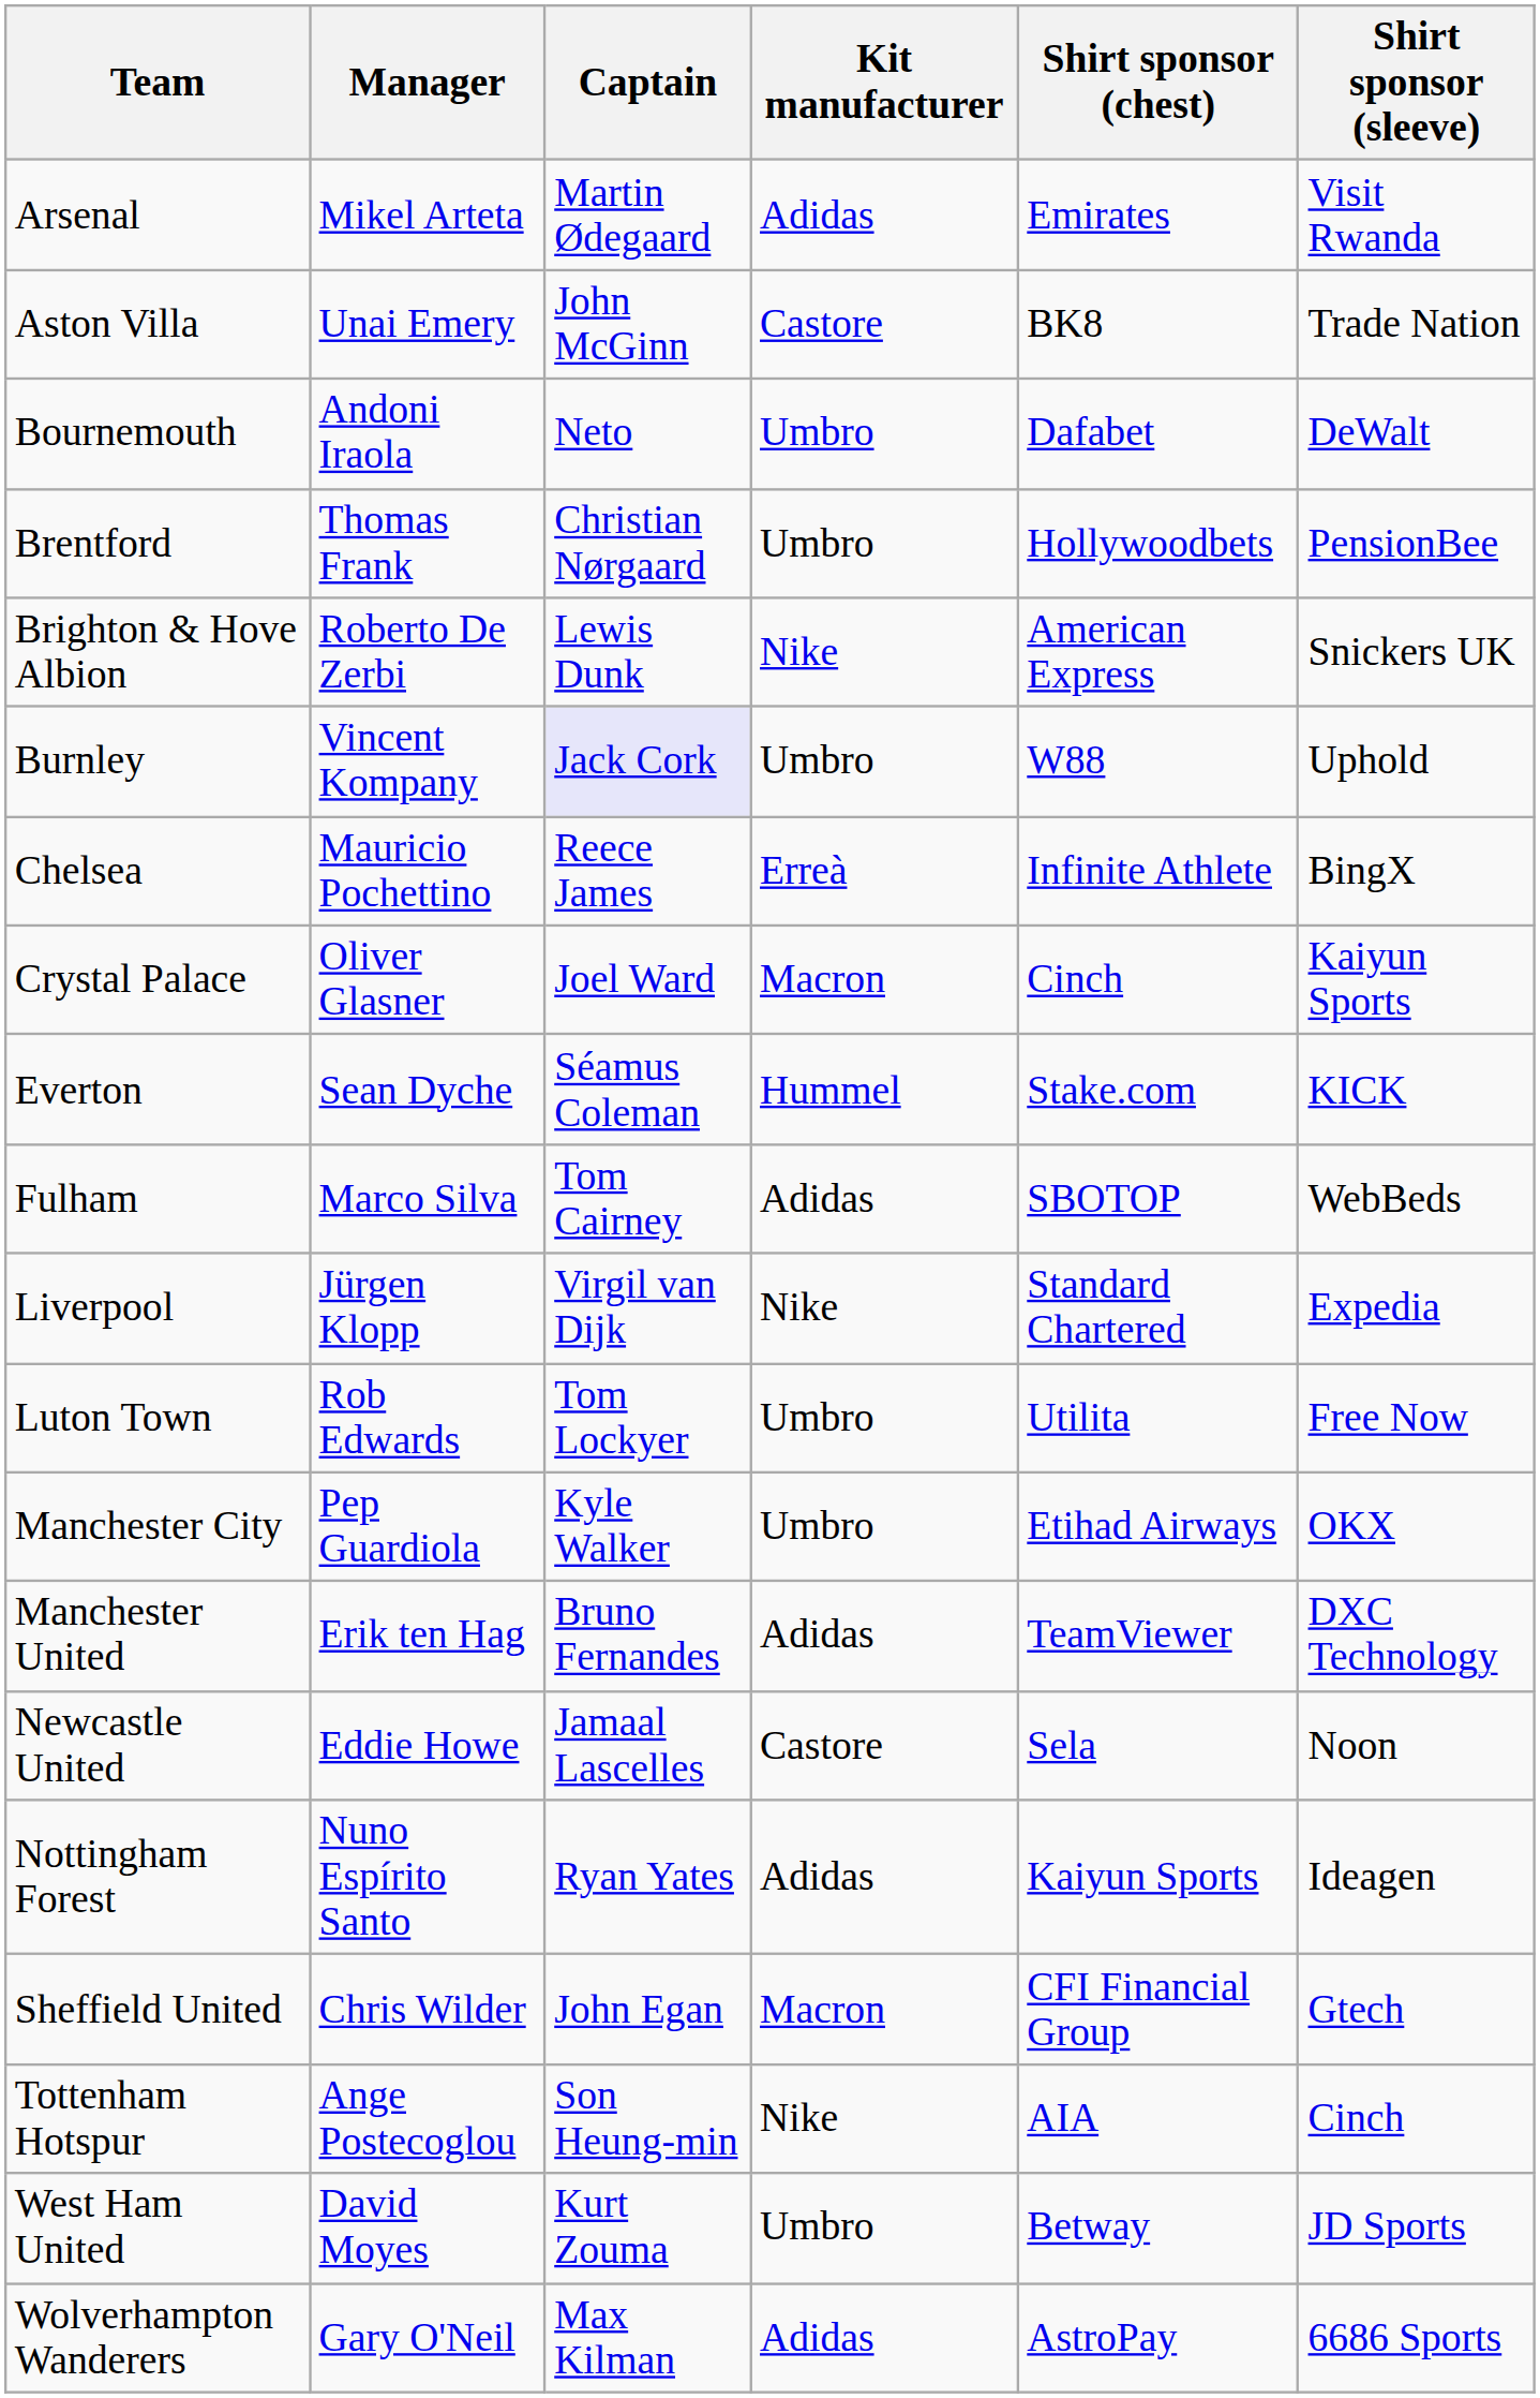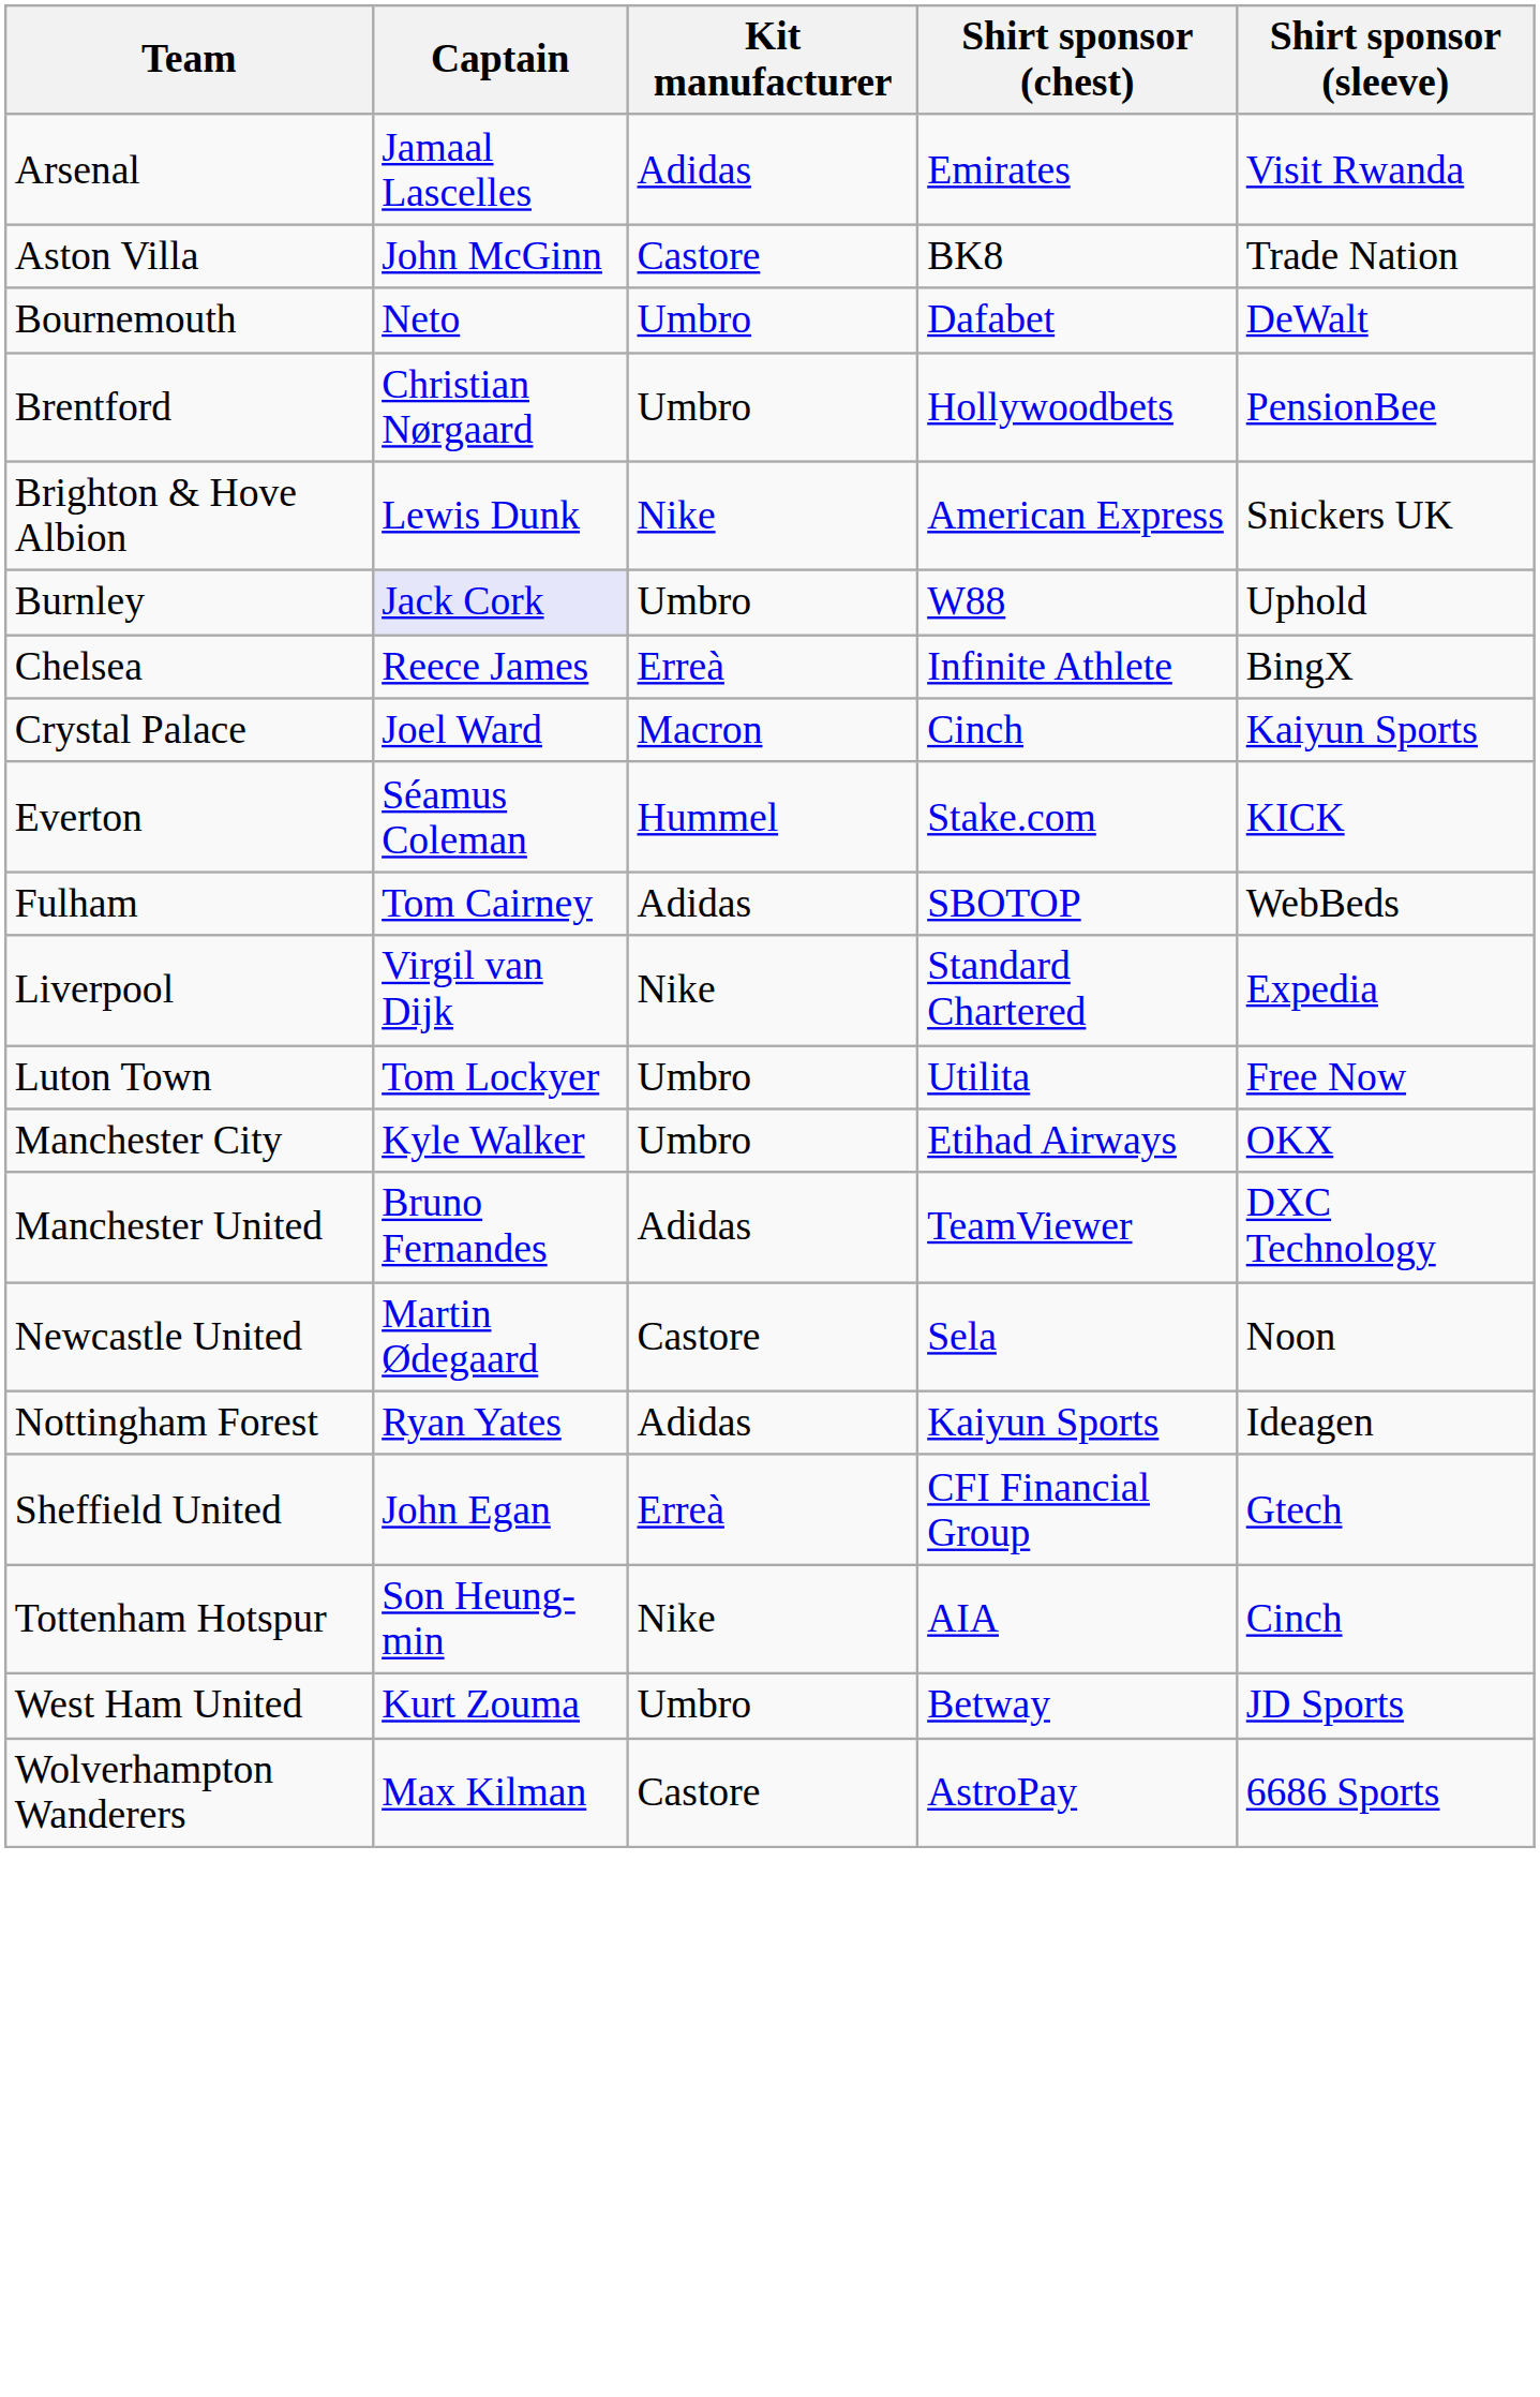 <table class="wikitable sortable">
 <tr>
 <th>Team</th>
-<th>Manager</th>
 <th>Captain</th>
 <th>Kit manufacturer</th>
 <th>Shirt sponsor (chest)</th>
 <th>Shirt sponsor (sleeve)</th>
 </tr>
 <tr>
 <td>Arsenal</td>
-<td data-sort-value="Arteta, Mikel"> <a href='#'>Mikel Arteta</a></td>
-<td data-sort-value="Odegaard, Martin"> <a href='#'>Martin Ødegaard</a></td>
+<td data-sort-value="Lascelles, Jamaal"> <a href='#'>Jamaal Lascelles</a></td>
 <td><a href='#'>Adidas</a></td>
 <td><a href='#'>Emirates</a></td>
 <td><a href='#'>Visit Rwanda</a></td>
 </tr>
 <tr>
 <td>Aston Villa</td>
-<td data-sort-value="Emery, Unai"> <a href='#'>Unai Emery</a></td>
 <td data-sort-value="McGinn, John"> <a href='#'>John McGinn</a></td>
 <td><a href='#'>Castore</a></td>
 <td>BK8</td>
 <td>Trade Nation</td>
 </tr>
 <tr>
 <td>Bournemouth</td>
-<td data-sort-value="Iraola, Andoni"> <a href='#'>Andoni Iraola</a></td>
 <td data-sort-value="Neto"> <a href='#'>Neto</a></td>
 <td><a href='#'>Umbro</a></td>
 <td><a href='#'>Dafabet</a></td>
 <td><a href='#'>DeWalt</a></td>
 </tr>
 <tr>
 <td>Brentford</td>
-<td data-sort-value="Frank, Thomas"> <a href='#'>Thomas Frank</a></td>
 <td data-sort-value="Norgaard, Christian"> <a href='#'>Christian Nørgaard</a></td>
 <td>Umbro</td>
 <td><a href='#'>Hollywoodbets</a></td>
 <td><a href='#'>PensionBee</a></td>
 </tr>
 <tr>
 <td>Brighton & Hove Albion</td>
-<td data-sort-value="De Zerbi, Roberto"> <a href='#'>Roberto De Zerbi</a></td>
 <td data-sort-value="Dunk, Lewis"> <a href='#'>Lewis Dunk</a></td>
 <td><a href='#'>Nike</a></td>
 <td><a href='#'>American Express</a></td>
 <td>Snickers UK</td>
 </tr>
 <tr>
 <td>Burnley</td>
-<td data-sort-value="Kompany, Vincent"> <a href='#'>Vincent Kompany</a></td>
 <td data-sort-value="Cork, Jack" style="background: lavender;"> <a href='#'>Jack Cork</a></td>
 <td>Umbro</td>
 <td><a href='#'>W88</a></td>
 <td data-sort-value="Uphold">Uphold</td>
 </tr>
 <tr>
 <td>Chelsea</td>
-<td data-sort-value="Pochettino, Mauricio"> <a href='#'>Mauricio Pochettino</a></td>
 <td data-sort-value="James, Reece"> <a href='#'>Reece James</a></td>
 <td><a href='#'>Erreà</a></td>
 <td><a href='#'>Infinite Athlete</a></td>
 <td>BingX</td>
 </tr>
 <tr>
 <td>Crystal Palace</td>
-<td data-sort-value="Glasner, Oliver"> <a href='#'>Oliver Glasner</a></td>
 <td data-sort-value="Ward, Joel"> <a href='#'>Joel Ward</a></td>
 <td><a href='#'>Macron</a></td>
 <td><a href='#'>Cinch</a></td>
 <td><a href='#'>Kaiyun Sports</a></td>
 </tr>
 <tr>
 <td>Everton</td>
-<td data-sort-value="Dyche, Sean"> <a href='#'>Sean Dyche</a></td>
 <td data-sort-value="Coleman, Seamus"> <a href='#'>Séamus Coleman</a></td>
 <td><a href='#'>Hummel</a></td>
 <td><a href='#'>Stake.com</a></td>
 <td><a href='#'>KICK</a></td>
 </tr>
 <tr>
 <td>Fulham</td>
-<td data-sort-value="Silva, Marco"> <a href='#'>Marco Silva</a></td>
 <td data-sort-value="Cairney, Tom"> <a href='#'>Tom Cairney</a></td>
 <td>Adidas</td>
 <td><a href='#'>SBOTOP</a></td>
 <td>WebBeds</td>
 </tr>
 <tr>
 <td>Liverpool</td>
-<td data-sort-value="Klopp, Jurgen"> <a href='#'>Jürgen Klopp</a></td>
 <td data-sort-value="van Dijk, Virgil"> <a href='#'>Virgil van Dijk</a></td>
 <td>Nike</td>
 <td><a href='#'>Standard Chartered</a></td>
 <td><a href='#'>Expedia</a></td>
 </tr>
 <tr>
 <td>Luton Town</td>
-<td data-sort-value="Edwards, Rob"> <a href='#'>Rob Edwards</a></td>
 <td data-sort-value="Lockyer, Tom"> <a href='#'>Tom Lockyer</a></td>
 <td>Umbro</td>
 <td><a href='#'>Utilita</a></td>
 <td><a href='#'>Free Now</a></td>
 </tr>
 <tr>
 <td>Manchester City</td>
-<td data-sort-value="Guardiola, Pep"> <a href='#'>Pep Guardiola</a></td>
 <td data-sort-value="Walker, Kyle"> <a href='#'>Kyle Walker</a></td>
 <td>Umbro</td>
 <td><a href='#'>Etihad Airways</a></td>
 <td><a href='#'>OKX</a></td>
 </tr>
 <tr>
 <td>Manchester United</td>
-<td data-sort-value="Ten Hag, Erik"> <a href='#'>Erik ten Hag</a></td>
 <td data-sort-value="Fernandes, Bruno"> <a href='#'>Bruno Fernandes</a></td>
 <td>Adidas</td>
 <td><a href='#'>TeamViewer</a></td>
 <td><a href='#'>DXC Technology</a></td>
 </tr>
 <tr>
 <td>Newcastle United</td>
-<td data-sort-value="Howe, Eddie"> <a href='#'>Eddie Howe</a></td>
-<td data-sort-value="Lascelles, Jamaal"> <a href='#'>Jamaal Lascelles</a></td>
+<td data-sort-value="Odegaard, Martin"> <a href='#'>Martin Ødegaard</a></td>
 <td>Castore</td>
 <td data-sort-value="Sela"><a href='#'>Sela</a></td>
 <td>Noon</td>
 </tr>
 <tr>
 <td>Nottingham Forest</td>
-<td data-sort-value="Espírito Santo, Nuno"> <a href='#'>Nuno Espírito Santo</a></td>
 <td data-sort-value="Worrall, Joe"> <a href='#'>Ryan Yates</a></td>
 <td>Adidas</td>
 <td data-sort-value="Kaiyun"><a href='#'>Kaiyun Sports</a></td>
 <td>Ideagen</td>
 </tr>
 <tr>
 <td>Sheffield United</td>
-<td data-sort-value="Wilder, Chris"> <a href='#'>Chris Wilder</a></td>
 <td data-sort-value="Egan, John"> <a href='#'>John Egan</a></td>
-<td><a href='#'>Macron</a></td>
+<td><a href='#'>Erreà</a></td>
 <td><a href='#'>CFI Financial Group</a></td>
 <td><a href='#'>Gtech</a></td>
 </tr>
 <tr>
 <td>Tottenham Hotspur</td>
-<td data-sort-value="Postecoglou, Ange"> <a href='#'>Ange Postecoglou</a></td>
 <td data-sort-value="Son, Heung-Min"> <a href='#'>Son Heung-min</a></td>
 <td>Nike</td>
 <td><a href='#'>AIA</a></td>
 <td><a href='#'>Cinch</a></td>
 </tr>
 <tr>
 <td>West Ham United</td>
-<td data-sort-value="Moyes, David"> <a href='#'>David Moyes</a></td>
 <td data-sort-value="Zouma, Kurt"> <a href='#'>Kurt Zouma</a></td>
 <td>Umbro</td>
 <td><a href='#'>Betway</a></td>
 <td><a href='#'>JD Sports</a></td>
 </tr>
 <tr>
 <td>Wolverhampton Wanderers</td>
-<td data-sort-value="O'Neil, Gary"> <a href='#'>Gary O'Neil</a></td>
 <td data-sort-value="Kilman, Max"> <a href='#'>Max Kilman</a></td>
-<td><a href='#'>Adidas</a></td>
+<td>Castore</td>
 <td><a href='#'>AstroPay</a></td>
 <td><a href='#'>6686 Sports</a></td>
 </tr>
 </table>
